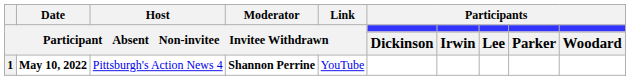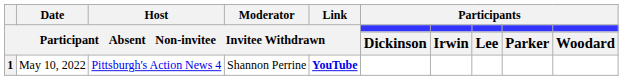 <table class="wikitable" style="text-align:center;">
 <tr style="font-size:small;">
 <th scope="col"></th>
 <th scope="col">Date</th>
 <th scope="col">Host</th>
 <th scope="col">Moderator</th>
 <th scope="col">Link</th>
 <th scope="col" colspan="5">Participants</th>
 </tr>
 <tr>
 <th colspan="5" rowspan="2"> <small>Participant  </small> <small>Absent  </small> <small>Non-invitee  </small> <small>Invitee Withdrawn</small></th>
 <th scope="col" style="background:#33f;"></th>
 <th scope="col" style="background:#33f;"></th>
 <th scope="col" style="background:#33f;"></th>
 <th scope="col" style="background:#33f;"></th>
 <th scope="col" style="background:#33f;"></th>
 </tr>
 <tr>
 <th scope="col">Dickinson</th>
 <th scope="col">Irwin</th>
 <th scope="col">Lee</th>
 <th scope="col">Parker</th>
 <th scope="col">Woodard</th>
 </tr>
 <tr style="background:#fff; font-size:small;">
 <th scope="row">1</th>
-<td style="white-space:nowrap;"><strong>May 10, 2022</strong></td>
+<td style="white-space:nowrap;">May 10, 2022</td>
 <td style="white-space:nowrap;"><a href='#'>Pittsburgh's Action News 4</a></td>
-<td style="white-space:nowrap;"><strong>Shannon Perrine</strong></td>
-<td style="white-space:nowrap;"><a href='#'>YouTube</a></td>
+<td style="white-space:nowrap;">Shannon Perrine</td>
+<td style="white-space:nowrap;"><strong><a href='#'>YouTube</a></strong></td>
 <td></td>
 <td></td>
 <td></td>
 <td></td>
 <td></td>
 </tr>
 </table>
